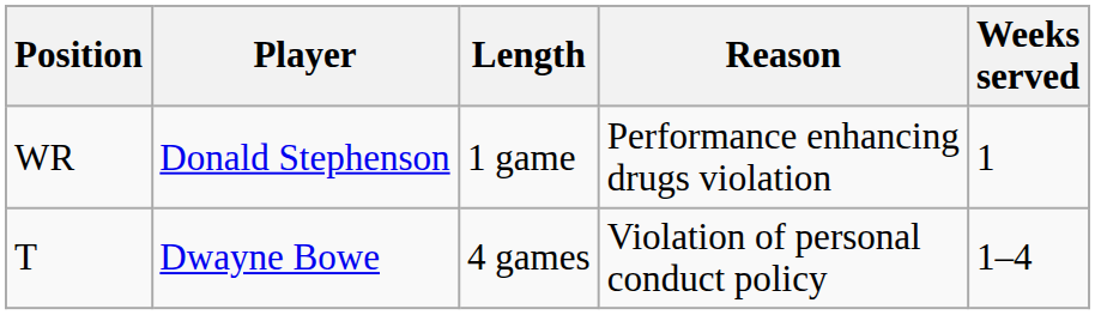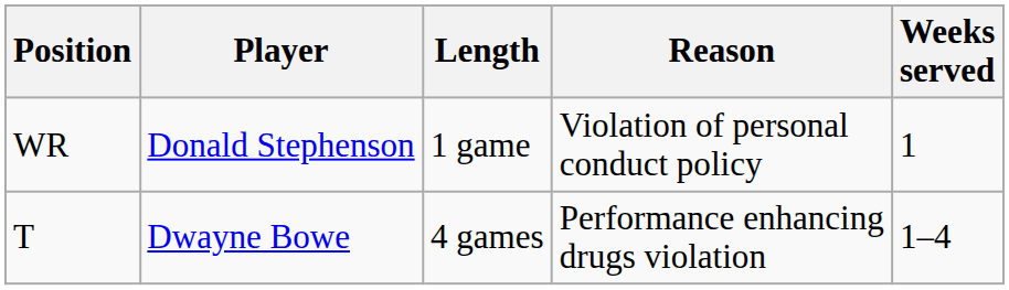 <table class="wikitable sortable">
 <tr>
 <th>Position</th>
 <th>Player</th>
 <th>Length</th>
 <th>Reason</th>
 <th>Weeks<br>served</th>
 </tr>
 <tr>
 <td>WR</td>
 <td><a href='#'>Donald Stephenson</a></td>
 <td>1 game</td>
-<td>Performance enhancing<br>drugs violation</td>
+<td>Violation of personal<br>conduct policy</td>
 <td>1</td>
 </tr>
 <tr>
 <td>T</td>
 <td><a href='#'>Dwayne Bowe</a></td>
 <td>4 games</td>
-<td>Violation of personal<br>conduct policy</td>
+<td>Performance enhancing<br>drugs violation</td>
 <td>1–4</td>
 </tr>
 </table>
